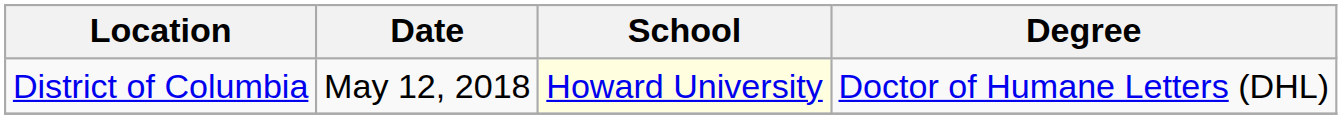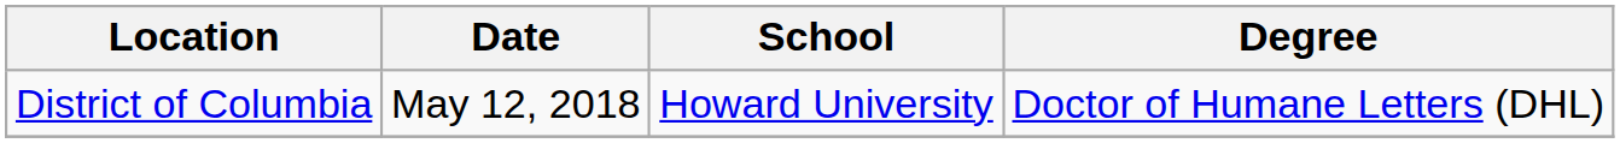 <table class="wikitable">
 <tr>
 <th scope="col">Location</th>
 <th scope="col">Date</th>
 <th scope="col">School</th>
 <th scope="col">Degree</th>
 </tr>
 <tr>
 <td><a href='#'>District of Columbia</a></td>
 <td>May 12, 2018</td>
-<td style="background: lightyellow;"><a href='#'>Howard University</a></td>
+<td><a href='#'>Howard University</a></td>
 <td><a href='#'>Doctor of Humane Letters</a> (DHL)</td>
 </tr>
 <tr>
 </tr>
 </table>
